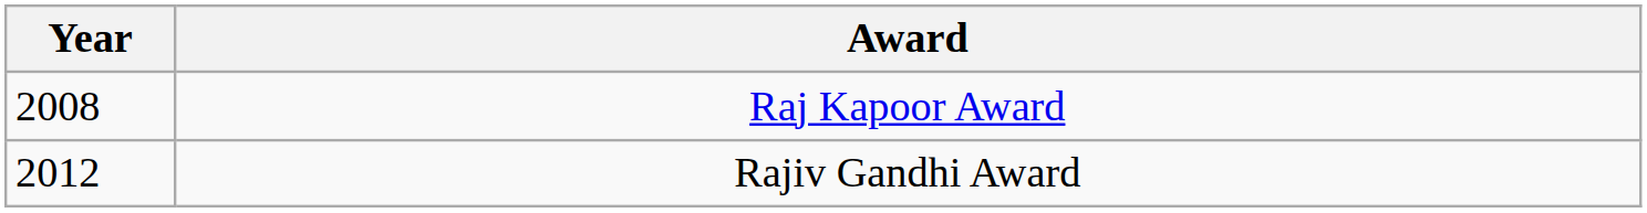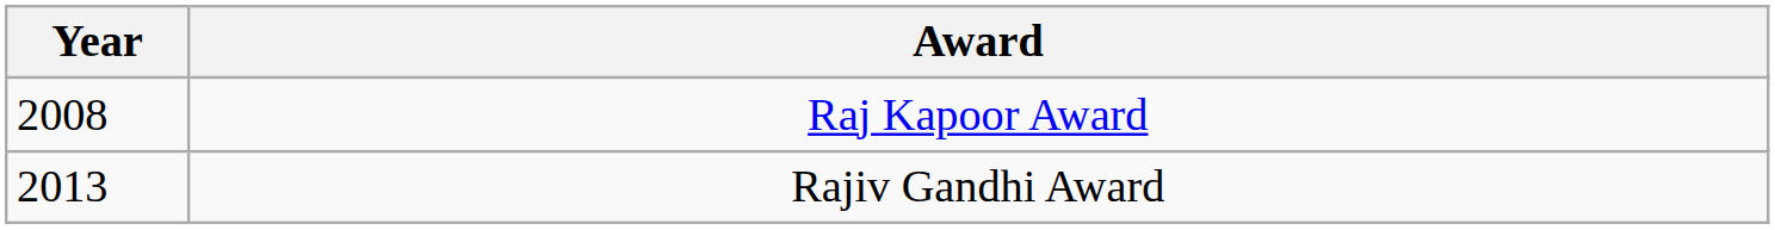 <table class="wikitable" style="width:70%;">
 <tr>
 <th width=5%>Year</th>
 <th style="width:50%;">Award</th>
 </tr>
 <tr>
 <td style="text-">2008</td>
 <td style="text-align:center;"><a href='#'>Raj Kapoor Award</a></td>
 </tr>
 <tr>
-<td style="text-">2012</td>
+<td style="text-">2013</td>
 <td style="text-align:center;">Rajiv Gandhi Award</td>
 </tr>
 </table>
